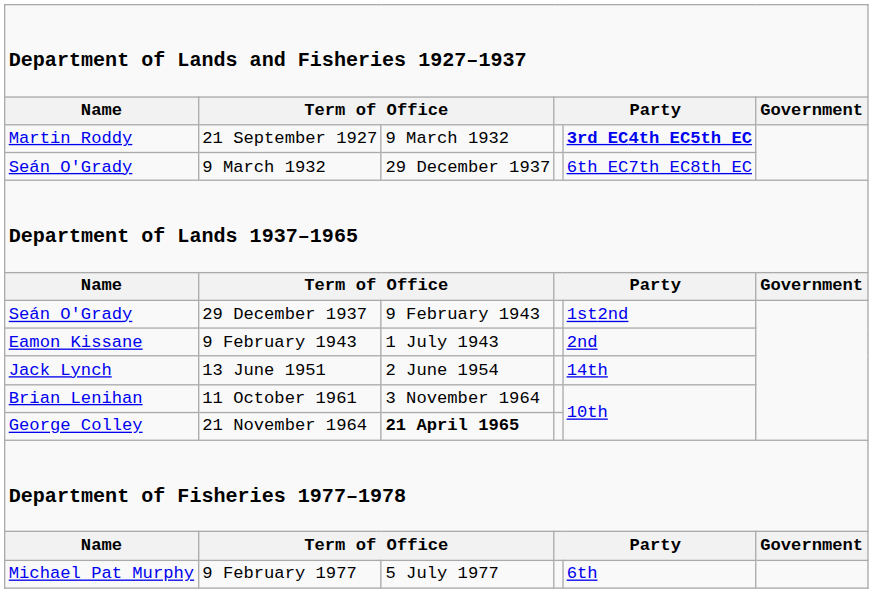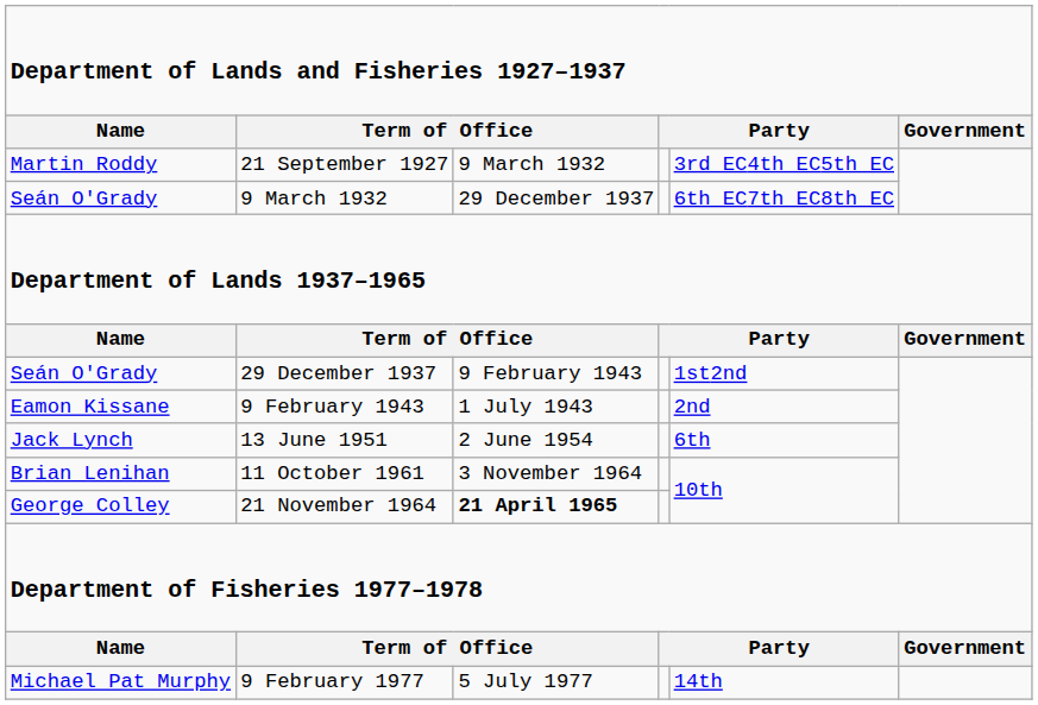 <table class="wikitable">
 <tr>
 <td colspan="6"><br><h3>Department of Lands and Fisheries 1927–1937</h3></td>
 </tr>
 <tr>
 <th>Name</th>
 <th colspan=2>Term of Office</th>
 <th colspan=2>Party</th>
 <th>Government</th>
 </tr>
 <tr>
 <td><a href='#'>Martin Roddy</a></td>
 <td>21 September 1927</td>
 <td>9 March 1932</td>
 <td></td>
-<td><strong><a href='#'>3rd EC</a><a href='#'>4th EC</a><a href='#'>5th EC</a></strong></td>
+<td><a href='#'>3rd EC</a><a href='#'>4th EC</a><a href='#'>5th EC</a></td>
 </tr>
 <tr>
 <td><a href='#'>Seán O'Grady</a></td>
 <td>9 March 1932</td>
 <td>29 December 1937</td>
 <td></td>
 <td><a href='#'>6th EC</a><a href='#'>7th EC</a><a href='#'>8th EC</a></td>
 </tr>
 <tr>
 <td colspan="6"><br><h3>Department of Lands 1937–1965</h3></td>
 </tr>
 <tr>
 <th>Name</th>
 <th colspan=2>Term of Office</th>
 <th colspan=2>Party</th>
 <th>Government</th>
 </tr>
 <tr>
 <td><a href='#'>Seán O'Grady</a></td>
 <td>29 December 1937</td>
 <td>9 February 1943</td>
 <td></td>
 <td><a href='#'>1st</a><a href='#'>2nd</a></td>
 </tr>
 <tr>
 <td><a href='#'>Eamon Kissane</a></td>
 <td>9 February 1943</td>
 <td>1 July 1943</td>
 <td></td>
 <td><a href='#'>2nd</a></td>
 </tr>
 <tr>
 <td><a href='#'>Jack Lynch</a></td>
 <td>13 June 1951</td>
 <td>2 June 1954</td>
 <td></td>
-<td><a href='#'>14th</a></td>
+<td><a href='#'>6th</a></td>
 </tr>
 <tr>
 <td><a href='#'>Brian Lenihan</a></td>
 <td>11 October 1961</td>
 <td>3 November 1964</td>
 <td></td>
 <td rowspan=2><a href='#'>10th</a></td>
 </tr>
 <tr>
 <td><a href='#'>George Colley</a></td>
 <td>21 November 1964</td>
 <td><strong>21 April 1965</strong></td>
 <td></td>
 </tr>
 <tr>
 <td colspan="6"><br><h3>Department of Fisheries 1977–1978</h3></td>
 </tr>
 <tr>
 <th>Name</th>
 <th colspan=2>Term of Office</th>
 <th colspan=2>Party</th>
 <th>Government</th>
 </tr>
 <tr>
 <td><a href='#'>Michael Pat Murphy</a></td>
 <td>9 February 1977</td>
 <td>5 July 1977</td>
 <td></td>
-<td><a href='#'>6th</a></td>
+<td><a href='#'>14th</a></td>
 </tr>
 </table>
